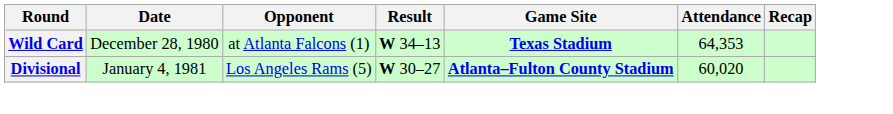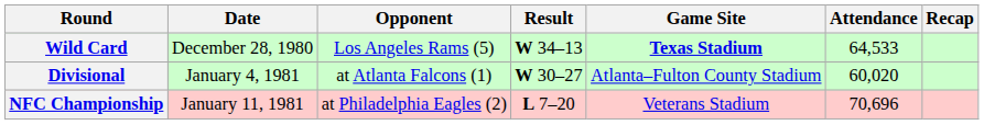 <table class="wikitable" style="text-align:center">
 <tr>
 <th>Round</th>
 <th>Date</th>
 <th>Opponent</th>
 <th>Result</th>
 <th>Game Site</th>
 <th>Attendance</th>
 <th>Recap</th>
 </tr>
 <tr style="background: #cfc">
 <th><a href='#'>Wild Card</a></th>
 <td>December 28, 1980</td>
-<td>at <a href='#'>Atlanta Falcons</a> (1)</td>
+<td><a href='#'>Los Angeles Rams</a> (5)</td>
 <td><strong>W</strong> 34–13</td>
 <td><strong><a href='#'>Texas Stadium</a></strong></td>
-<td>64,353</td>
+<td>64,533</td>
 <td></td>
 </tr>
 <tr style="background: #cfc">
 <th><a href='#'>Divisional</a></th>
 <td>January 4, 1981</td>
-<td><a href='#'>Los Angeles Rams</a> (5)</td>
+<td>at <a href='#'>Atlanta Falcons</a> (1)</td>
 <td><strong>W</strong> 30–27</td>
-<td><strong><a href='#'>Atlanta–Fulton County Stadium</a></strong></td>
+<td><a href='#'>Atlanta–Fulton County Stadium</a></td>
 <td>60,020</td>
 <td></td>
 </tr>
+<tr style="background: #fcc">
+<th><a href='#'>NFC Championship</a></th>
+<td>January 11, 1981</td>
+<td>at <a href='#'>Philadelphia Eagles</a> (2)</td>
+<td><strong>L</strong> 7–20</td>
+<td><a href='#'>Veterans Stadium</a></td>
+<td>70,696</td>
+<td></td>
+</tr>
 </table>
